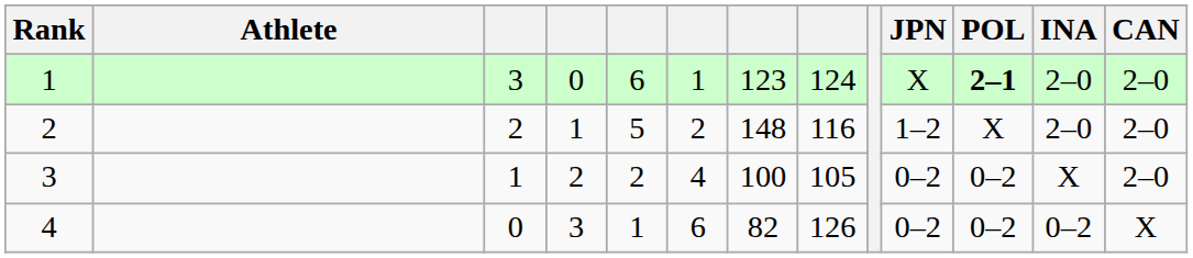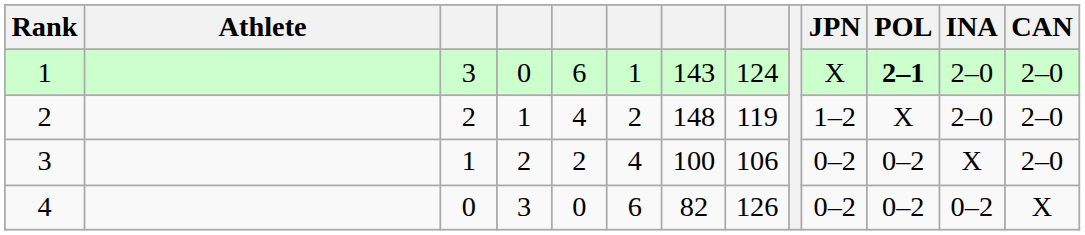 <table class="wikitable" style="text-align:center">
 <tr>
 <th>Rank</th>
 <th width=250>Athlete</th>
 <th width=30></th>
 <th width=30></th>
 <th width=30></th>
 <th width=30></th>
 <th width=30></th>
 <th width=30></th>
 <th rowspan=5></th>
 <th width=30>JPN</th>
 <th width=30>POL</th>
 <th width=30>INA</th>
 <th width=30>CAN</th>
 </tr>
 <tr style="background-color:#ccffcc;">
 <td>1</td>
 <td align=left></td>
 <td>3</td>
 <td>0</td>
 <td>6</td>
 <td>1</td>
-<td>123</td>
+<td>143</td>
 <td>124</td>
 <td>X</td>
 <td><strong>2–1</strong></td>
 <td>2–0</td>
 <td>2–0</td>
 </tr>
 <tr>
 <td>2</td>
 <td align=left></td>
 <td>2</td>
 <td>1</td>
-<td>5</td>
+<td>4</td>
 <td>2</td>
 <td>148</td>
-<td>116</td>
+<td>119</td>
 <td>1–2</td>
 <td>X</td>
 <td>2–0</td>
 <td>2–0</td>
 </tr>
 <tr>
 <td>3</td>
 <td align=left></td>
 <td>1</td>
 <td>2</td>
 <td>2</td>
 <td>4</td>
 <td>100</td>
-<td>105</td>
+<td>106</td>
 <td>0–2</td>
 <td>0–2</td>
 <td>X</td>
 <td>2–0</td>
 </tr>
 <tr>
 <td>4</td>
 <td align=left></td>
 <td>0</td>
 <td>3</td>
-<td>1</td>
+<td>0</td>
 <td>6</td>
 <td>82</td>
 <td>126</td>
 <td>0–2</td>
 <td>0–2</td>
 <td>0–2</td>
 <td>X</td>
 </tr>
 </table>
